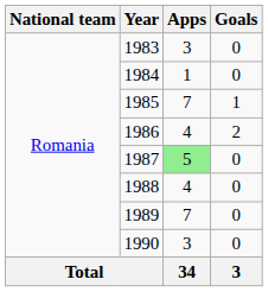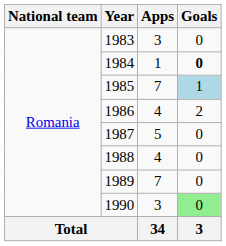 <table class="wikitable" style="text-align:center">
 <tr>
 <th>National team</th>
 <th>Year</th>
 <th>Apps</th>
 <th>Goals</th>
 </tr>
 <tr>
 <td rowspan="8"><a href='#'>Romania</a></td>
 <td>1983</td>
 <td>3</td>
 <td>0</td>
 </tr>
 <tr>
 <td>1984</td>
 <td>1</td>
-<td>0</td>
+<td><strong>0</strong></td>
 </tr>
 <tr>
 <td>1985</td>
 <td>7</td>
-<td>1</td>
+<td style="background: lightblue;">1</td>
 </tr>
 <tr>
 <td>1986</td>
 <td>4</td>
 <td>2</td>
 </tr>
 <tr>
 <td>1987</td>
-<td style="background: lightgreen;">5</td>
+<td>5</td>
 <td>0</td>
 </tr>
 <tr>
 <td>1988</td>
 <td>4</td>
 <td>0</td>
 </tr>
 <tr>
 <td>1989</td>
 <td>7</td>
 <td>0</td>
 </tr>
 <tr>
 <td>1990</td>
 <td>3</td>
-<td>0</td>
+<td style="background: lightgreen;">0</td>
 </tr>
 <tr>
 <th colspan="2">Total</th>
 <th>34</th>
 <th>3</th>
 </tr>
 </table>
